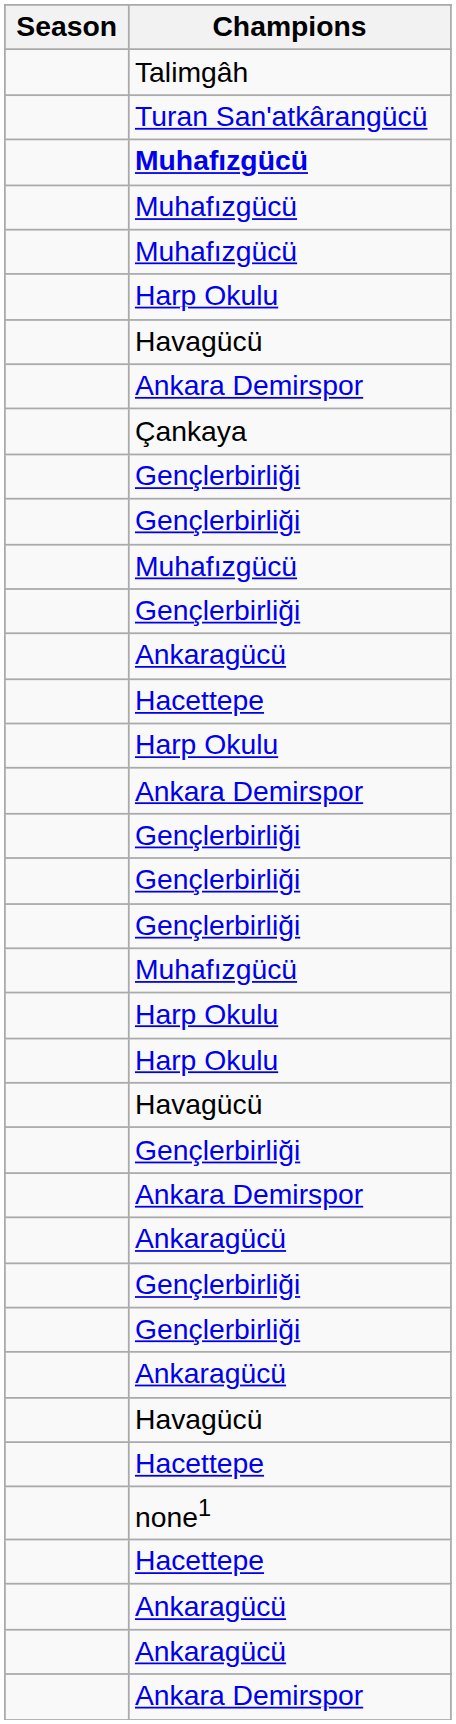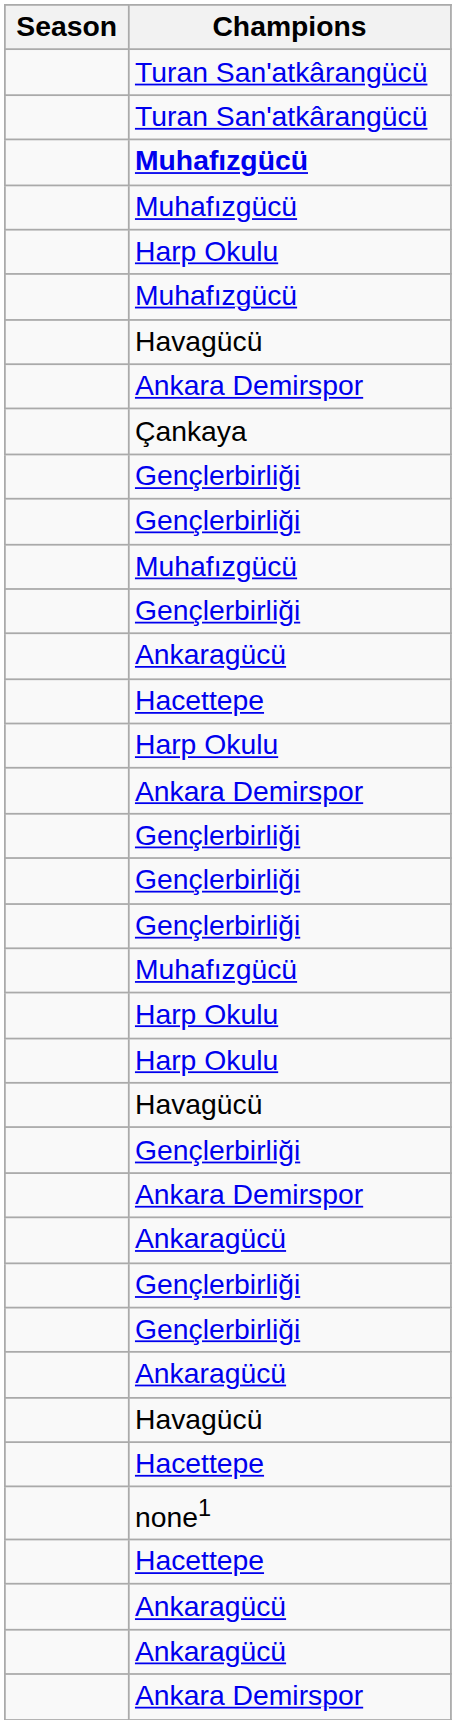 <table class="wikitable" border="1" width=20%>
 <tr>
 <th width=1%>Season</th>
 <th width=10%>Champions</th>
 </tr>
 <tr>
 <td></td>
-<td>Talimgâh</td>
+<td><a href='#'>Turan San'atkârangücü</a></td>
 </tr>
 <tr>
 <td></td>
 <td><a href='#'>Turan San'atkârangücü</a></td>
 </tr>
 <tr>
 <td></td>
 <td><strong><a href='#'>Muhafızgücü</a></strong></td>
 </tr>
 <tr>
 <td></td>
 <td><a href='#'>Muhafızgücü</a></td>
 </tr>
 <tr>
 <td></td>
-<td><a href='#'>Muhafızgücü</a></td>
+<td><a href='#'>Harp Okulu</a></td>
 </tr>
 <tr>
 <td></td>
-<td><a href='#'>Harp Okulu</a></td>
+<td><a href='#'>Muhafızgücü</a></td>
 </tr>
 <tr>
 <td></td>
 <td>Havagücü</td>
 </tr>
 <tr>
 <td></td>
 <td><a href='#'>Ankara Demirspor</a></td>
 </tr>
 <tr>
 <td></td>
 <td>Çankaya</td>
 </tr>
 <tr>
 <td></td>
 <td><a href='#'>Gençlerbirliği</a></td>
 </tr>
 <tr>
 <td></td>
 <td><a href='#'>Gençlerbirliği</a></td>
 </tr>
 <tr>
 <td></td>
 <td><a href='#'>Muhafızgücü</a></td>
 </tr>
 <tr>
 <td></td>
 <td><a href='#'>Gençlerbirliği</a></td>
 </tr>
 <tr>
 <td></td>
 <td><a href='#'>Ankaragücü</a></td>
 </tr>
 <tr>
 <td></td>
 <td><a href='#'>Hacettepe</a></td>
 </tr>
 <tr>
 <td></td>
 <td><a href='#'>Harp Okulu</a></td>
 </tr>
 <tr>
 <td></td>
 <td><a href='#'>Ankara Demirspor</a></td>
 </tr>
 <tr>
 <td></td>
 <td><a href='#'>Gençlerbirliği</a></td>
 </tr>
 <tr>
 <td></td>
 <td><a href='#'>Gençlerbirliği</a></td>
 </tr>
 <tr>
 <td></td>
 <td><a href='#'>Gençlerbirliği</a></td>
 </tr>
 <tr>
 <td></td>
 <td><a href='#'>Muhafızgücü</a></td>
 </tr>
 <tr>
 <td></td>
 <td><a href='#'>Harp Okulu</a></td>
 </tr>
 <tr>
 <td></td>
 <td><a href='#'>Harp Okulu</a></td>
 </tr>
 <tr>
 <td></td>
 <td>Havagücü</td>
 </tr>
 <tr>
 <td></td>
 <td><a href='#'>Gençlerbirliği</a></td>
 </tr>
 <tr>
 <td></td>
 <td><a href='#'>Ankara Demirspor</a></td>
 </tr>
 <tr>
 <td></td>
 <td><a href='#'>Ankaragücü</a></td>
 </tr>
 <tr>
 <td></td>
 <td><a href='#'>Gençlerbirliği</a></td>
 </tr>
 <tr>
 <td></td>
 <td><a href='#'>Gençlerbirliği</a></td>
 </tr>
 <tr>
 <td></td>
 <td><a href='#'>Ankaragücü</a></td>
 </tr>
 <tr>
 <td></td>
 <td>Havagücü</td>
 </tr>
 <tr>
 <td></td>
 <td><a href='#'>Hacettepe</a></td>
 </tr>
 <tr>
 <td></td>
 <td>none<sup>1</sup></td>
 </tr>
 <tr>
 <td></td>
 <td><a href='#'>Hacettepe</a></td>
 </tr>
 <tr>
 <td></td>
 <td><a href='#'>Ankaragücü</a></td>
 </tr>
 <tr>
 <td></td>
 <td><a href='#'>Ankaragücü</a></td>
 </tr>
 <tr>
 <td></td>
 <td><a href='#'>Ankara Demirspor</a></td>
 </tr>
 </table>
